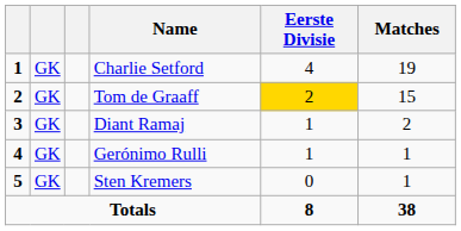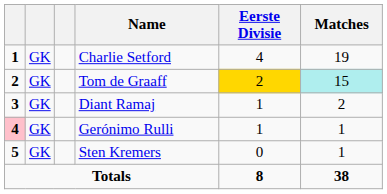 <table class="wikitable" style="text-align:center">
 <tr>
 <th width=15></th>
 <th width=15></th>
 <th width=15></th>
 <th width=145>Name</th>
 <th width=80><a href='#'>Eerste Divisie</a></th>
 <th width=80>Matches</th>
 </tr>
 <tr>
 <td rowspan=1><strong>1</strong></td>
 <td><a href='#'>GK</a></td>
 <td></td>
 <td align=left><a href='#'>Charlie Setford</a></td>
 <td>4</td>
 <td>19</td>
 </tr>
 <tr>
 <td rowspan=1><strong>2</strong></td>
 <td><a href='#'>GK</a></td>
 <td></td>
 <td align=left><a href='#'>Tom de Graaff</a></td>
 <td style="background: gold;">2</td>
-<td>15</td>
+<td style="background: paleturquoise;">15</td>
 </tr>
 <tr>
 <td rowspan=1><strong>3</strong></td>
 <td><a href='#'>GK</a></td>
 <td></td>
 <td align=left><a href='#'>Diant Ramaj</a></td>
 <td>1</td>
 <td>2</td>
 </tr>
 <tr>
-<td rowspan=1><strong>4</strong></td>
+<td rowspan=1 style="background: pink;"><strong>4</strong></td>
 <td><a href='#'>GK</a></td>
 <td></td>
 <td align=left><a href='#'>Gerónimo Rulli</a></td>
 <td>1</td>
 <td>1</td>
 </tr>
 <tr>
 <td rowspan=1><strong>5</strong></td>
 <td><a href='#'>GK</a></td>
 <td></td>
 <td align=left><a href='#'>Sten Kremers</a></td>
 <td>0</td>
 <td>1</td>
 </tr>
 <tr>
 <td colspan=4><strong>Totals</strong></td>
 <td><strong>8</strong></td>
 <td><strong>38</strong></td>
 </tr>
 </table>
